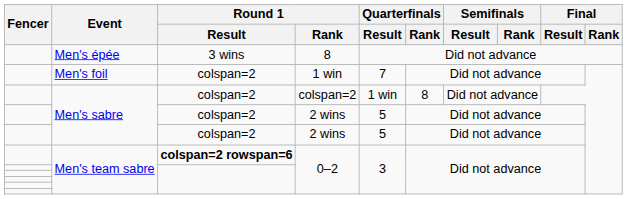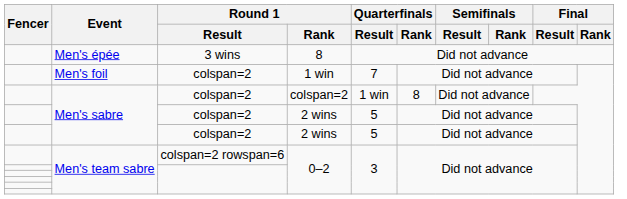 <table class="wikitable sortable" style="text-align:center">
 <tr>
 <th rowspan=2>Fencer</th>
 <th rowspan=2>Event</th>
 <th colspan=2>Round 1</th>
 <th colspan=2>Quarterfinals</th>
 <th colspan=2>Semifinals</th>
 <th colspan=2>Final</th>
 </tr>
 <tr>
 <th>Result</th>
 <th>Rank</th>
 <th>Result</th>
 <th>Rank</th>
 <th>Result</th>
 <th>Rank</th>
 <th>Result</th>
 <th>Rank</th>
 </tr>
 <tr>
 <td align=left></td>
 <td align=left><a href='#'>Men's épée</a></td>
 <td>3 wins</td>
 <td>8</td>
 <td colspan=6>Did not advance</td>
 </tr>
 <tr>
 <td align=left></td>
 <td align=left><a href='#'>Men's foil</a></td>
 <td>colspan=2 </td>
 <td>1 win</td>
 <td>7</td>
 <td colspan=4>Did not advance</td>
 </tr>
 <tr>
 <td align=left></td>
 <td align=left rowspan=3><a href='#'>Men's sabre</a></td>
 <td>colspan=2 </td>
 <td>colspan=2 </td>
 <td>1 win</td>
 <td>8</td>
 <td colspan=2>Did not advance</td>
 </tr>
 <tr>
 <td align=left></td>
 <td>colspan=2 </td>
 <td>2 wins</td>
 <td>5</td>
 <td colspan=4>Did not advance</td>
 </tr>
 <tr>
 <td align=left></td>
 <td>colspan=2 </td>
 <td>2 wins</td>
 <td>5</td>
 <td colspan=4>Did not advance</td>
 </tr>
 <tr>
 <td align=left></td>
 <td align=left rowspan=6><a href='#'>Men's team sabre</a></td>
-<td><strong>colspan=2 rowspan=6 </strong></td>
+<td>colspan=2 rowspan=6 </td>
 <td rowspan=6>0–2</td>
 <td rowspan=6>3</td>
 <td colspan=4 rowspan=6>Did not advance</td>
 </tr>
 <tr>
 <td align=left></td>
 </tr>
 <tr>
 <td align=left></td>
 </tr>
 <tr>
 <td align=left></td>
 </tr>
 <tr>
 <td align=left></td>
 </tr>
 <tr>
 <td align=left></td>
 </tr>
 </table>
